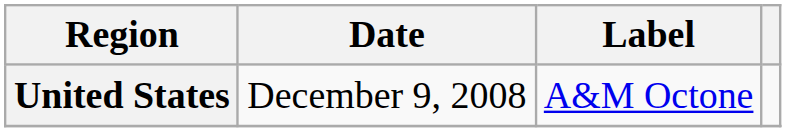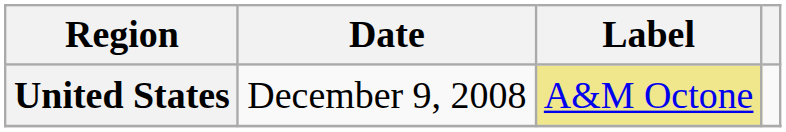 <table class="wikitable plainrowheaders">
 <tr>
 <th scope="col">Region</th>
 <th scope="col">Date</th>
 <th scope="col">Label</th>
 <th scope="col"></th>
 </tr>
 <tr>
 <th scope="row">United States</th>
 <td>December 9, 2008</td>
-<td><a href='#'>A&M Octone</a></td>
+<td style="background: khaki;"><a href='#'>A&M Octone</a></td>
 <td></td>
 </tr>
 <tr>
 </tr>
 </table>
